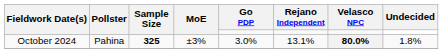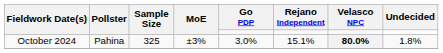 <table class="wikitable" style="text-align:center;font-size:90%;line-height:15px">
 <tr>
 <th rowspan="2">Fieldwork Date(s)</th>
 <th rowspan="2">Pollster</th>
 <th rowspan="2" style="width:60px;">Sample Size</th>
 <th rowspan="2" style="width:60px;">MoE</th>
 <th style="width:75px;">Go<br><small><a href='#'>PDP</a></small></th>
 <th style="width:75px;">Rejano<br><small><a href='#'>Independent</a></small></th>
 <th style="width:75px;">Velasco<br><small><a href='#'>NPC</a></small></th>
 <th style="width:75px;">Undecided</th>
 </tr>
 <tr>
 <td style="background:"></td>
 <td style="background:"></td>
 <td style="background:"></td>
 <td style="background:#FFFFFF;"></td>
 </tr>
 <tr>
 <td>October 2024</td>
 <td>Pahina</td>
-<td><strong>325</strong></td>
+<td>325</td>
 <td>±3%</td>
 <td>3.0%</td>
-<td>13.1%</td>
+<td>15.1%</td>
 <th style="background-color:#">80.0%</th>
 <td>1.8%</td>
 </tr>
 <tr>
 </tr>
 </table>
